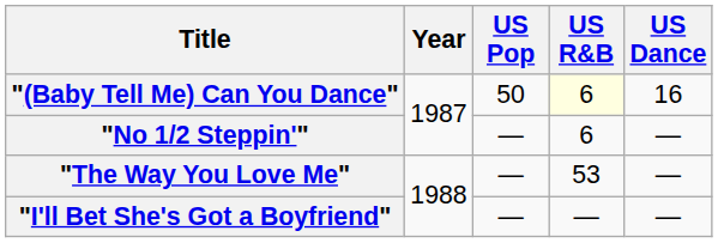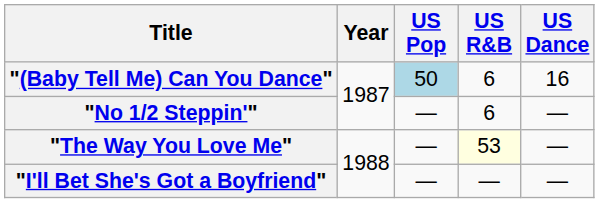 <table class="wikitable plainrowheaders">
 <tr>
 <th>Title</th>
 <th>Year</th>
 <th width="40"><a href='#'>US<br>Pop</a></th>
 <th width="40"><a href='#'>US<br>R&B</a></th>
 <th width="40"><a href='#'>US<br>Dance</a></th>
 </tr>
 <tr>
 <th scope="row">"<a href='#'>(Baby Tell Me) Can You Dance</a>"</th>
 <td rowspan="2">1987</td>
-<td style="text-align:center;">50</td>
-<td style="background: lightyellow; text-align:center;">6</td>
+<td style="background: lightblue; text-align:center;">50</td>
+<td style="text-align:center;">6</td>
 <td style="text-align:center;">16</td>
 </tr>
 <tr>
 <th scope="row">"<a href='#'>No 1/2 Steppin'</a>"</th>
 <td style="text-align:center;">—</td>
 <td style="text-align:center;">6</td>
 <td style="text-align:center;">—</td>
 </tr>
 <tr>
 <th scope="row">"<a href='#'>The Way You Love Me</a>"</th>
 <td rowspan="2">1988</td>
 <td style="text-align:center;">—</td>
-<td style="text-align:center;">53</td>
+<td style="background: lightyellow; text-align:center;">53</td>
 <td style="text-align:center;">—</td>
 </tr>
 <tr>
 <th scope="row">"<a href='#'>I'll Bet She's Got a Boyfriend</a>"</th>
 <td style="text-align:center;">—</td>
 <td style="text-align:center;">—</td>
 <td style="text-align:center;">—</td>
 </tr>
 </table>
